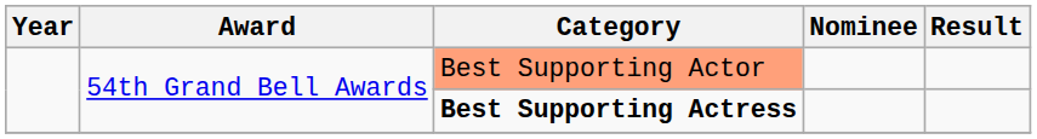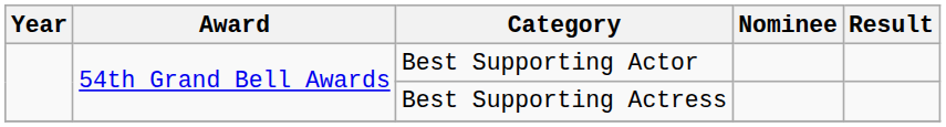 <table class="wikitable sortable">
 <tr>
 <th>Year</th>
 <th>Award</th>
 <th>Category</th>
 <th>Nominee</th>
 <th>Result</th>
 </tr>
 <tr>
 <td rowspan="2"></td>
 <td rowspan="2"><a href='#'>54th Grand Bell Awards</a></td>
-<td style="background: lightsalmon;">Best Supporting Actor</td>
+<td>Best Supporting Actor</td>
 <td></td>
 <td></td>
 </tr>
 <tr>
-<td><strong>Best Supporting Actress</strong></td>
+<td>Best Supporting Actress</td>
 <td></td>
 <td></td>
 </tr>
 <tr>
 </tr>
 </table>
